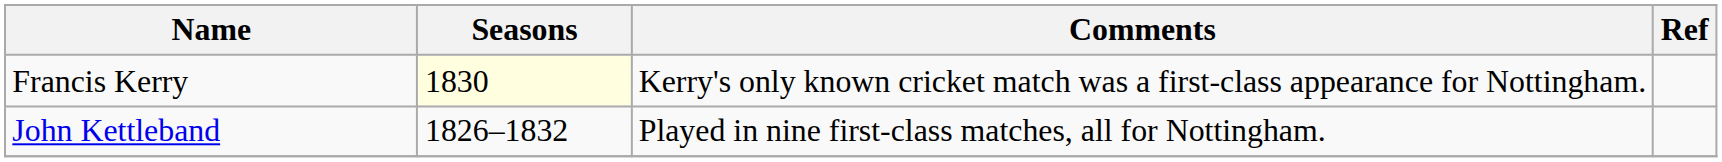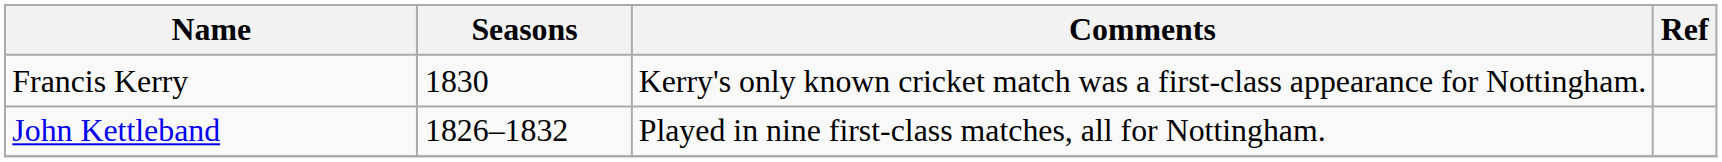 <table class="wikitable">
 <tr>
 <th style="width:200px">Name</th>
 <th style="width: 100px">Seasons</th>
 <th>Comments</th>
 <th>Ref</th>
 </tr>
 <tr>
 <td>Francis Kerry</td>
-<td style="background: lightyellow;">1830</td>
+<td>1830</td>
 <td>Kerry's only known cricket match was a first-class appearance for Nottingham.</td>
 <td></td>
 </tr>
 <tr>
 <td><a href='#'>John Kettleband</a></td>
 <td>1826–1832</td>
 <td>Played in nine first-class matches, all for Nottingham.</td>
 <td></td>
 </tr>
 <tr>
 </tr>
 </table>
